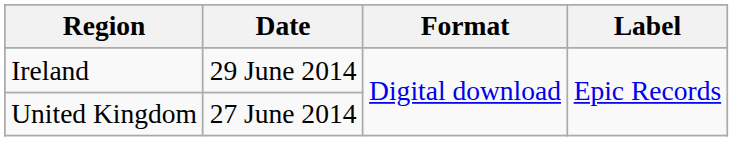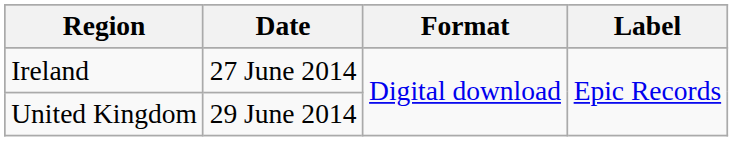 <table class="wikitable sortable plainrowheaders">
 <tr>
 <th scope="col">Region</th>
 <th scope="col">Date</th>
 <th scope="col">Format</th>
 <th scope="col">Label</th>
 </tr>
 <tr>
 <td>Ireland</td>
-<td>29 June 2014</td>
+<td>27 June 2014</td>
 <td rowspan="2"><a href='#'>Digital download</a></td>
 <td rowspan="2"><a href='#'>Epic Records</a></td>
 </tr>
 <tr>
 <td>United Kingdom</td>
-<td>27 June 2014</td>
+<td>29 June 2014</td>
 </tr>
 </table>
